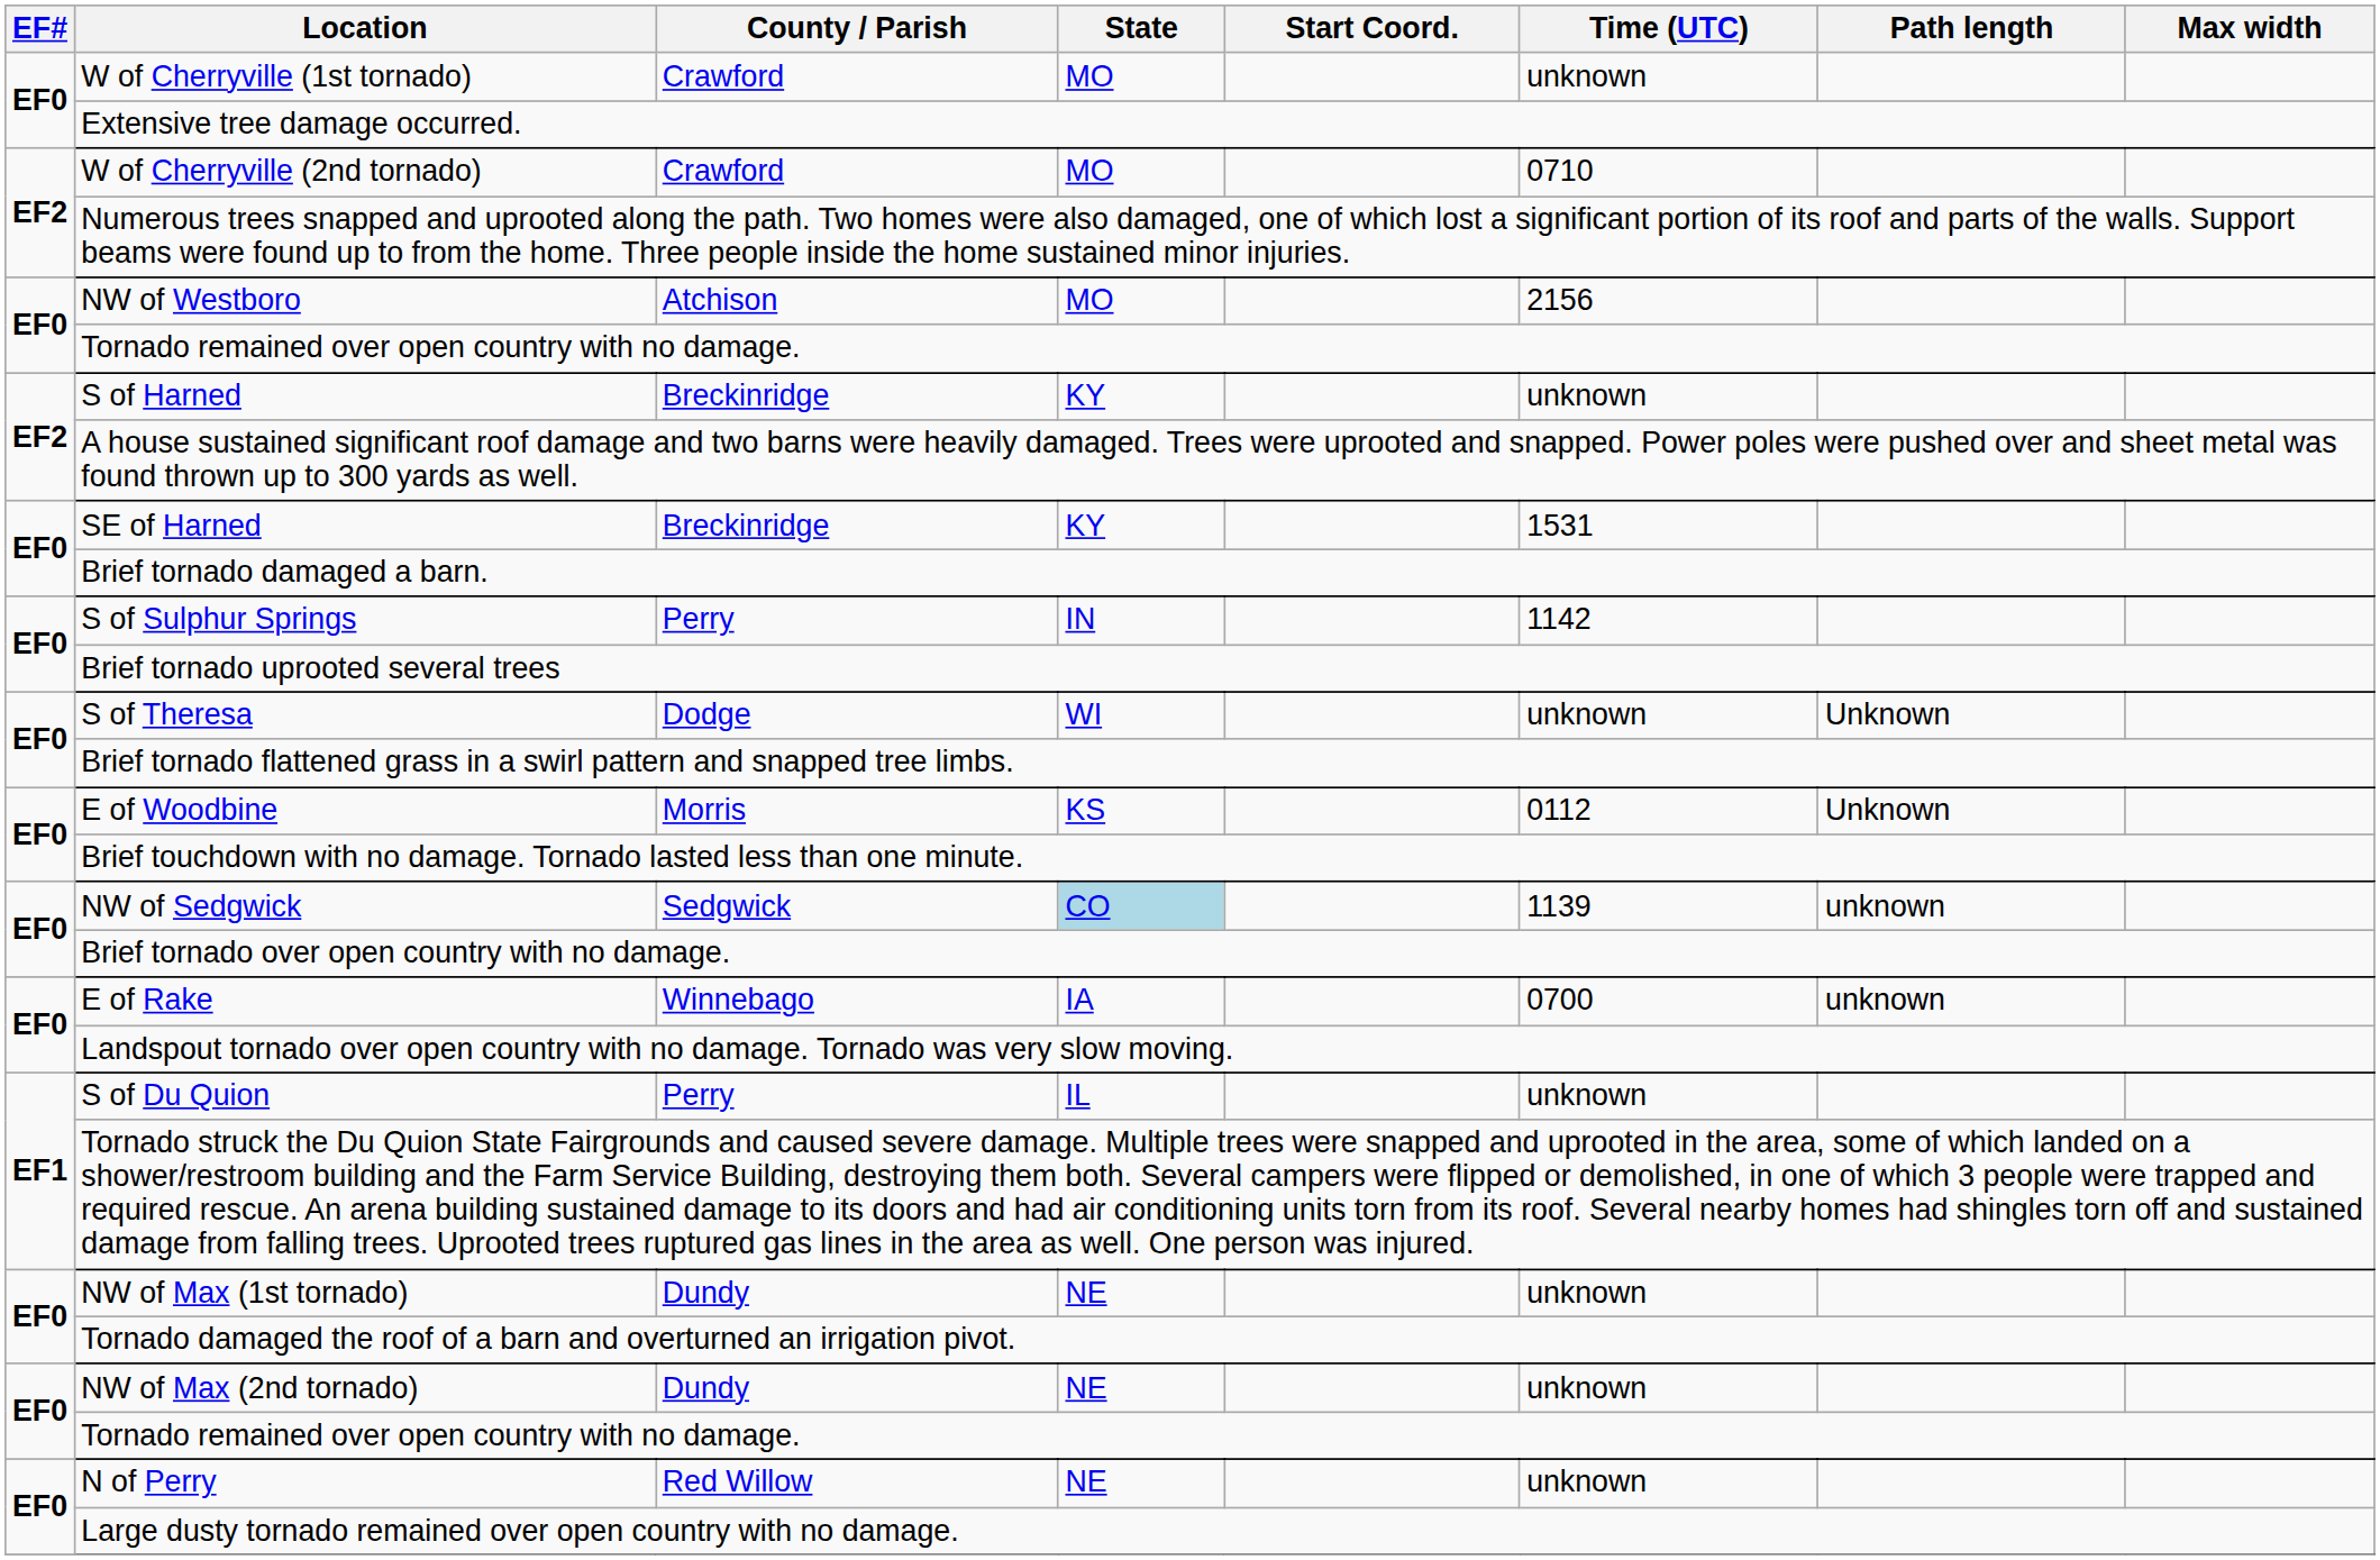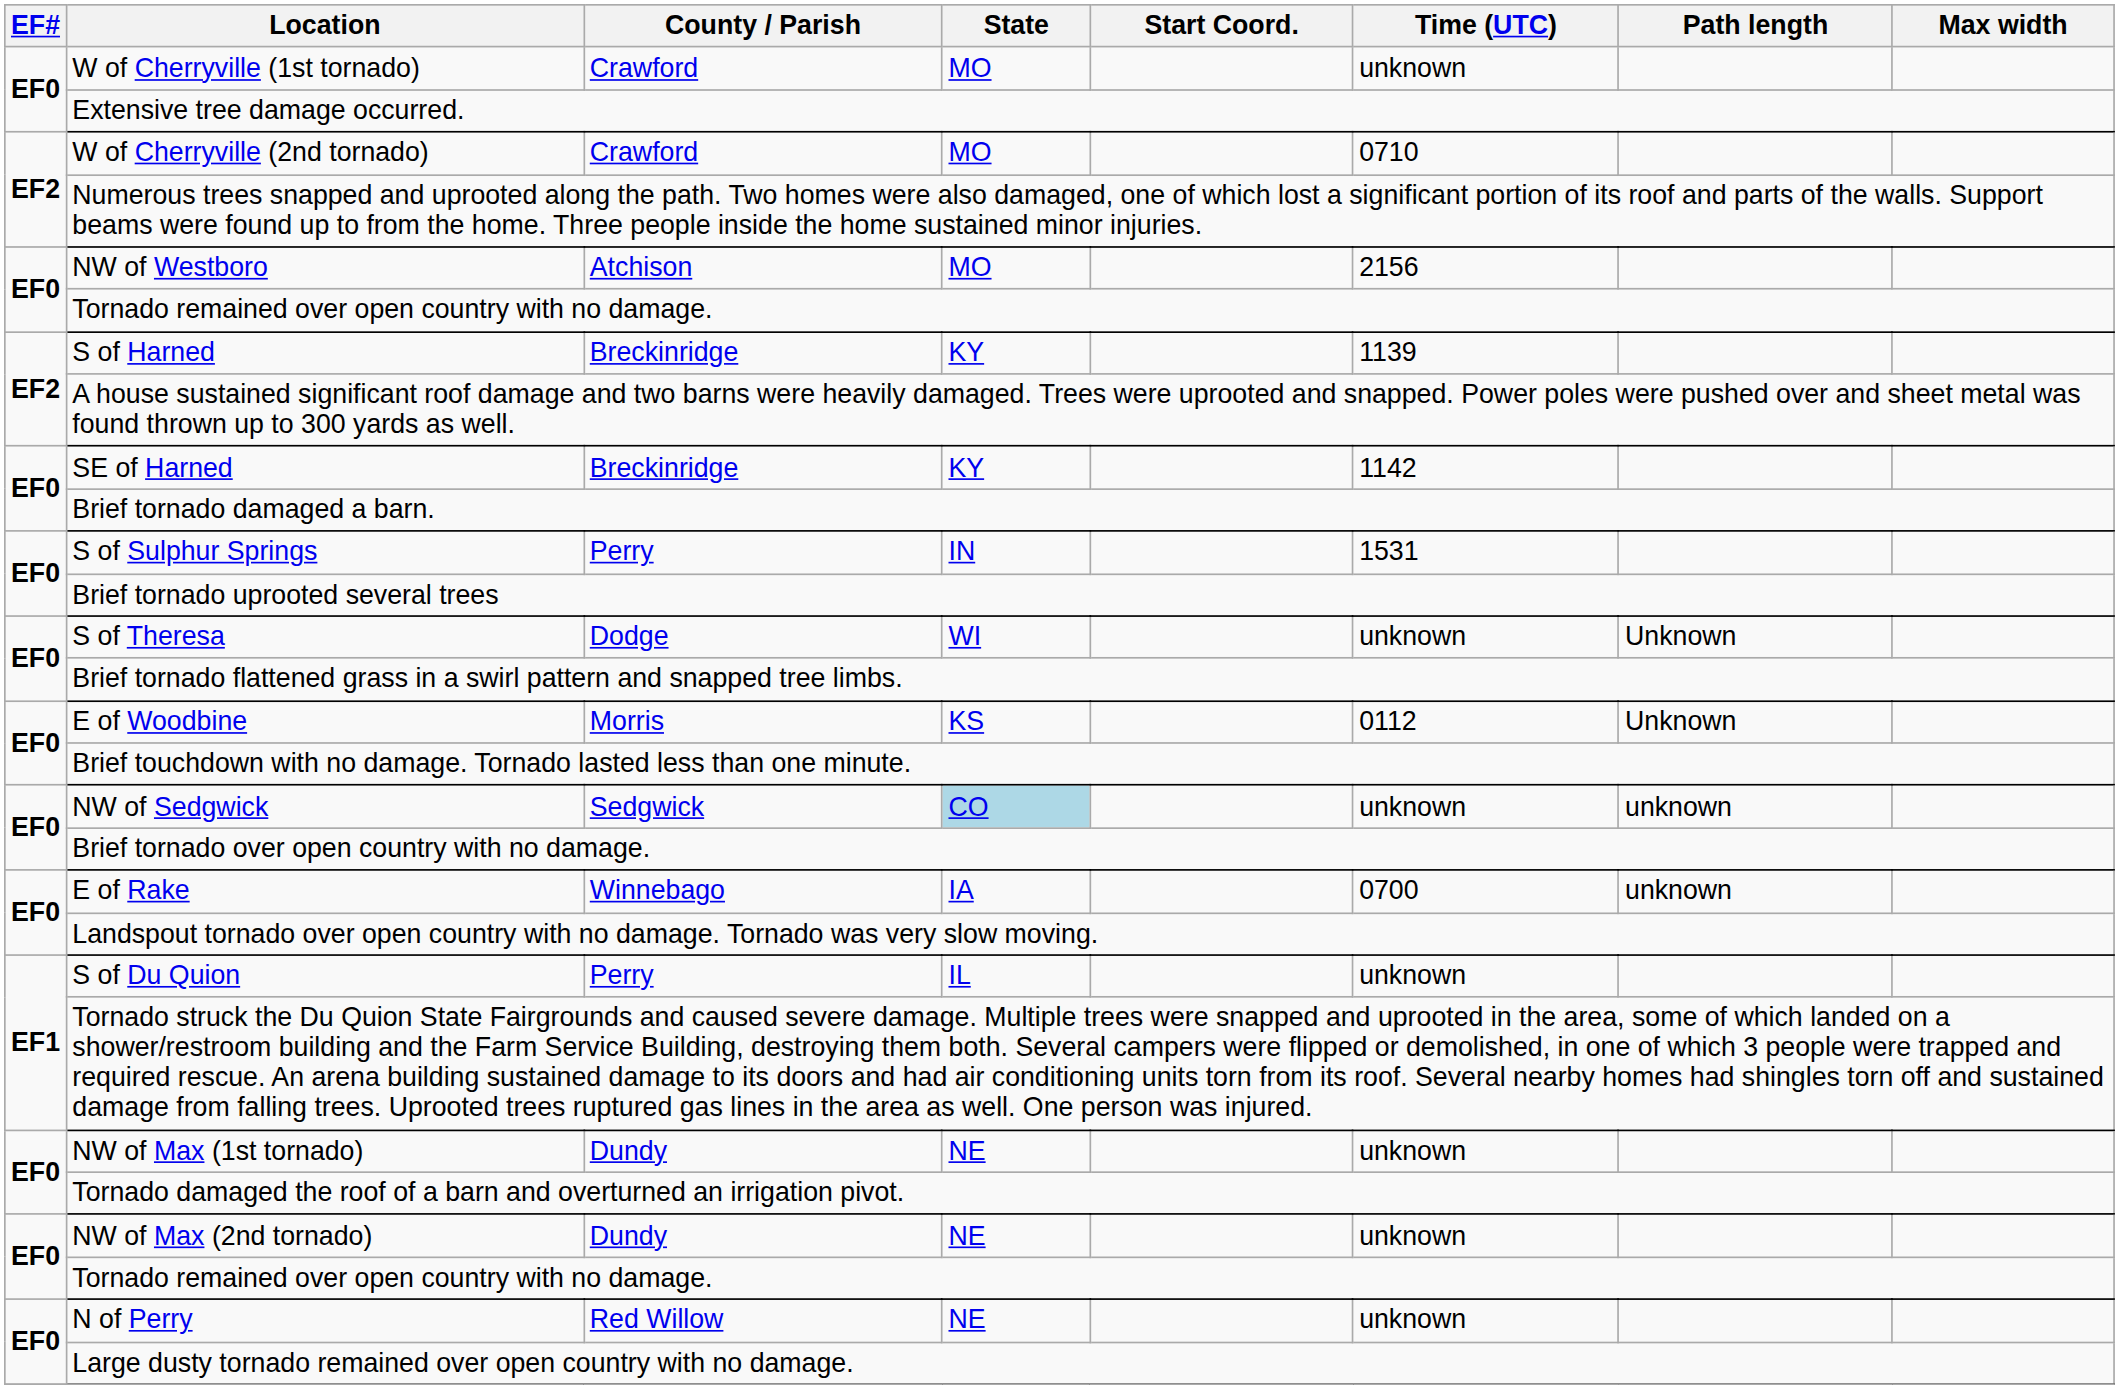 <table class="wikitable sortable" style="width:100%;">
 <tr>
 <th scope="col" width="2%" align="center"><a href='#'>EF#</a></th>
 <th scope="col" align="center" class="unsortable">Location</th>
 <th scope="col" align="center" class="unsortable">County / Parish</th>
 <th scope="col" align="center">State</th>
 <th scope="col" align="center" data-sort-type="number">Start Coord.</th>
 <th scope="col" align="center" data-sort-type="number">Time (<a href='#'>UTC</a>)</th>
 <th scope="col" align="center" data-sort-type="number">Path length</th>
 <th scope="col" align="center" data-sort-type="number">Max width</th>
 </tr>
 <tr>
 <td rowspan="2" align="center"><strong>EF0</strong></td>
 <td>W of <a href='#'>Cherryville</a> (1st tornado)</td>
 <td><a href='#'>Crawford</a></td>
 <td><a href='#'>MO</a></td>
 <td></td>
 <td>unknown</td>
 <td></td>
 <td></td>
 </tr>
 <tr class="expand-child">
 <td colspan="8" style=" border-bottom: 1px solid black;">Extensive tree damage occurred.</td>
 </tr>
 <tr>
 <td rowspan="2" align="center"><strong>EF2</strong></td>
 <td>W of <a href='#'>Cherryville</a> (2nd tornado)</td>
 <td><a href='#'>Crawford</a></td>
 <td><a href='#'>MO</a></td>
 <td></td>
 <td>0710</td>
 <td></td>
 <td></td>
 </tr>
 <tr class="expand-child">
 <td colspan="8" style=" border-bottom: 1px solid black;">Numerous trees snapped and uprooted along the path. Two homes were also damaged, one of which lost a significant portion of its roof and parts of the walls. Support beams were found up to  from the home. Three people inside the home sustained minor injuries.</td>
 </tr>
 <tr>
 <td rowspan="2" align="center"><strong>EF0</strong></td>
 <td>NW of <a href='#'>Westboro</a></td>
 <td><a href='#'>Atchison</a></td>
 <td><a href='#'>MO</a></td>
 <td></td>
 <td>2156</td>
 <td></td>
 <td></td>
 </tr>
 <tr class="expand-child">
 <td colspan="8" style=" border-bottom: 1px solid black;">Tornado remained over open country with no damage.</td>
 </tr>
 <tr>
 <td rowspan="2" align="center"><strong>EF2</strong></td>
 <td>S of <a href='#'>Harned</a></td>
 <td><a href='#'>Breckinridge</a></td>
 <td><a href='#'>KY</a></td>
 <td></td>
-<td>unknown</td>
+<td>1139</td>
 <td></td>
 <td></td>
 </tr>
 <tr class="expand-child">
 <td colspan="8" style=" border-bottom: 1px solid black;">A house sustained significant roof damage and two barns were heavily damaged. Trees were uprooted and snapped. Power poles were pushed over and sheet metal was found thrown up to 300 yards as well.</td>
 </tr>
 <tr>
 <td rowspan="2" align="center"><strong>EF0</strong></td>
 <td>SE of <a href='#'>Harned</a></td>
 <td><a href='#'>Breckinridge</a></td>
 <td><a href='#'>KY</a></td>
 <td></td>
-<td>1531</td>
+<td>1142</td>
 <td></td>
 <td></td>
 </tr>
 <tr class="expand-child">
 <td colspan="8" style=" border-bottom: 1px solid black;">Brief tornado damaged a barn.</td>
 </tr>
 <tr>
 <td rowspan="2" align="center"><strong>EF0</strong></td>
 <td>S of <a href='#'>Sulphur Springs</a></td>
 <td><a href='#'>Perry</a></td>
 <td><a href='#'>IN</a></td>
 <td></td>
-<td>1142</td>
+<td>1531</td>
 <td></td>
 <td></td>
 </tr>
 <tr class="expand-child">
 <td colspan="8" style=" border-bottom: 1px solid black;">Brief tornado uprooted several trees</td>
 </tr>
 <tr>
 <td rowspan="2" align="center"><strong>EF0</strong></td>
 <td>S of <a href='#'>Theresa</a></td>
 <td><a href='#'>Dodge</a></td>
 <td><a href='#'>WI</a></td>
 <td></td>
 <td>unknown</td>
 <td>Unknown</td>
 <td></td>
 </tr>
 <tr class="expand-child">
 <td colspan="8" style=" border-bottom: 1px solid black;">Brief tornado flattened grass in a swirl pattern and snapped tree limbs.</td>
 </tr>
 <tr>
 <td rowspan="2" align="center"><strong>EF0</strong></td>
 <td>E of <a href='#'>Woodbine</a></td>
 <td><a href='#'>Morris</a></td>
 <td><a href='#'>KS</a></td>
 <td></td>
 <td>0112</td>
 <td>Unknown</td>
 <td></td>
 </tr>
 <tr class="expand-child">
 <td colspan="8" style=" border-bottom: 1px solid black;">Brief touchdown with no damage. Tornado lasted less than one minute.</td>
 </tr>
 <tr>
 <td rowspan="2" align="center"><strong>EF0</strong></td>
 <td>NW of <a href='#'>Sedgwick</a></td>
 <td><a href='#'>Sedgwick</a></td>
 <td style="background: lightblue;"><a href='#'>CO</a></td>
 <td></td>
-<td>1139</td>
+<td>unknown</td>
 <td>unknown</td>
 <td></td>
 </tr>
 <tr class="expand-child">
 <td colspan="8" style=" border-bottom: 1px solid black;">Brief tornado over open country with no damage.</td>
 </tr>
 <tr>
 <td rowspan="2" align="center"><strong>EF0</strong></td>
 <td>E of <a href='#'>Rake</a></td>
 <td><a href='#'>Winnebago</a></td>
 <td><a href='#'>IA</a></td>
 <td></td>
 <td>0700</td>
 <td>unknown</td>
 <td></td>
 </tr>
 <tr class="expand-child">
 <td colspan="8" style=" border-bottom: 1px solid black;">Landspout tornado over open country with no damage. Tornado was very slow moving.</td>
 </tr>
 <tr>
 <td rowspan="2" align="center"><strong>EF1</strong></td>
 <td>S of <a href='#'>Du Quion</a></td>
 <td><a href='#'>Perry</a></td>
 <td><a href='#'>IL</a></td>
 <td></td>
 <td>unknown</td>
 <td></td>
 <td></td>
 </tr>
 <tr class="expand-child">
 <td colspan="8" style=" border-bottom: 1px solid black;">Tornado struck the Du Quion State Fairgrounds and caused severe damage. Multiple trees were snapped and uprooted in the area, some of which landed on a shower/restroom building and the Farm Service Building, destroying them both. Several campers were flipped or demolished, in one of which 3 people were trapped and required rescue. An arena building sustained damage to its doors and had air conditioning units torn from its roof. Several nearby homes had shingles torn off and sustained damage from falling trees. Uprooted trees ruptured gas lines in the area as well. One person was injured.</td>
 </tr>
 <tr>
 <td rowspan="2" align="center"><strong>EF0</strong></td>
 <td>NW of <a href='#'>Max</a> (1st tornado)</td>
 <td><a href='#'>Dundy</a></td>
 <td><a href='#'>NE</a></td>
 <td></td>
 <td>unknown</td>
 <td></td>
 <td></td>
 </tr>
 <tr class="expand-child">
 <td colspan="8" style=" border-bottom: 1px solid black;">Tornado damaged the roof of a barn and overturned an irrigation pivot.</td>
 </tr>
 <tr>
 <td rowspan="2" align="center"><strong>EF0</strong></td>
 <td>NW of <a href='#'>Max</a> (2nd tornado)</td>
 <td><a href='#'>Dundy</a></td>
 <td><a href='#'>NE</a></td>
 <td></td>
 <td>unknown</td>
 <td></td>
 <td></td>
 </tr>
 <tr class="expand-child">
 <td colspan="8" style=" border-bottom: 1px solid black;">Tornado remained over open country with no damage.</td>
 </tr>
 <tr>
 <td rowspan="2" align="center"><strong>EF0</strong></td>
 <td>N of <a href='#'>Perry</a></td>
 <td><a href='#'>Red Willow</a></td>
 <td><a href='#'>NE</a></td>
 <td></td>
 <td>unknown</td>
 <td></td>
 <td></td>
 </tr>
 <tr class="expand-child">
 <td colspan="8" style=" border-bottom: 1px solid black;">Large dusty tornado remained over open country with no damage.</td>
 </tr>
 <tr>
 </tr>
 </table>
